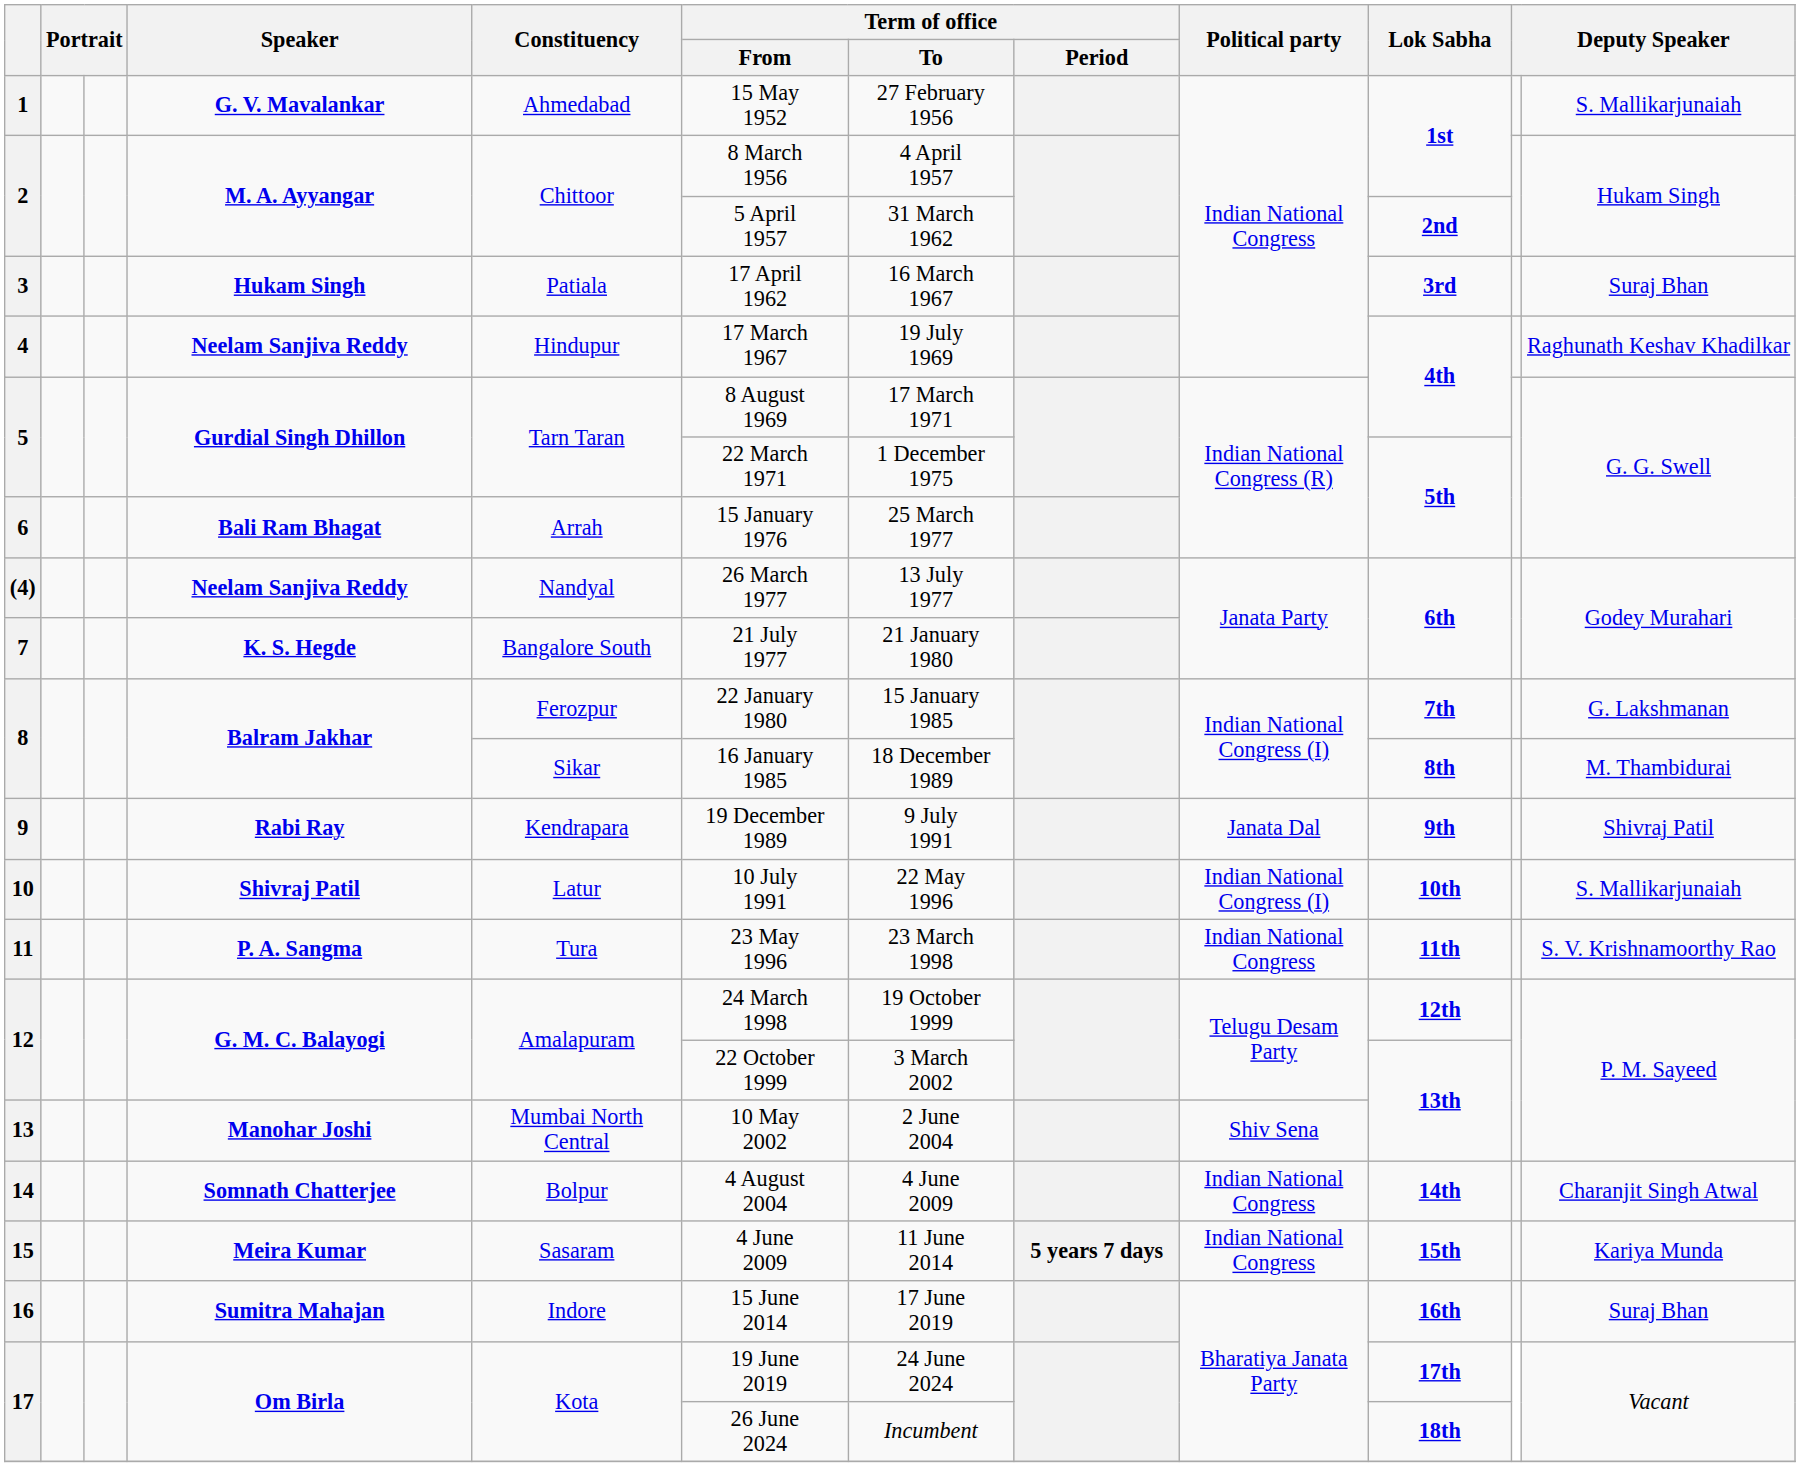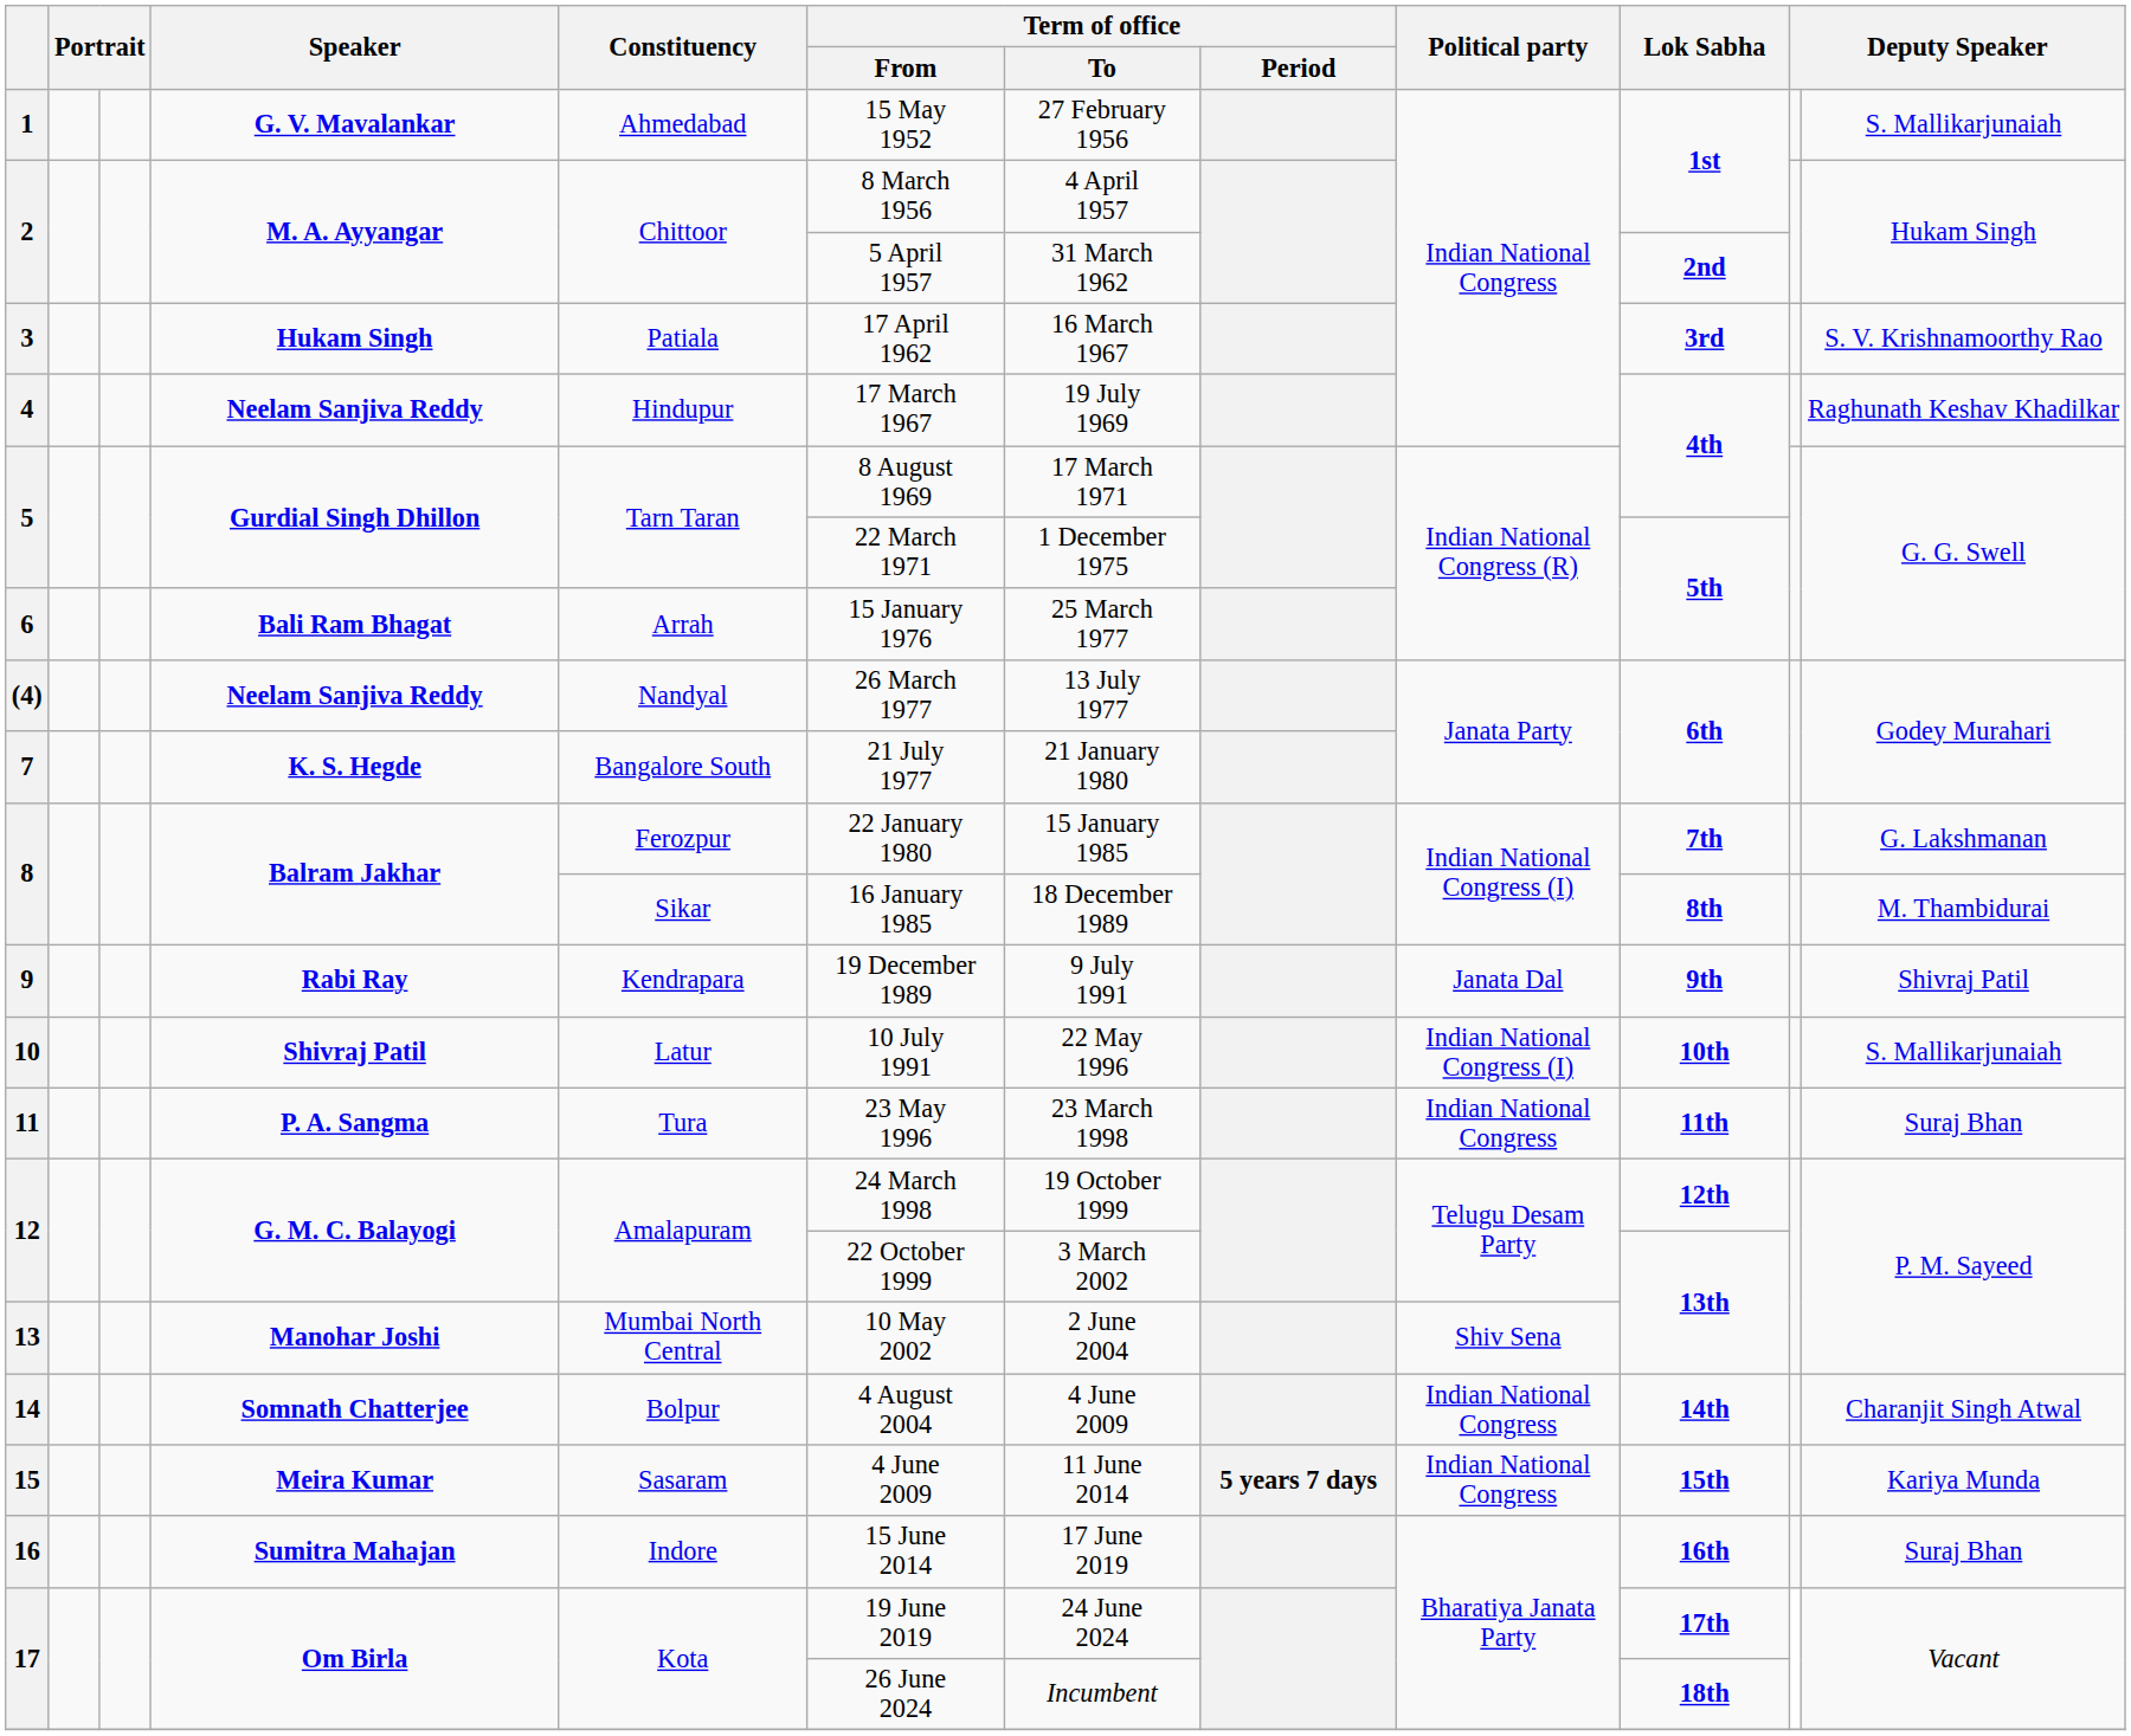 <table class="wikitable" style="text-align:center">
 <tr>
 <th rowspan="2"></th>
 <th colspan="2" rowspan="2">Portrait</th>
 <th rowspan="2" style="width:15em">Speaker<br></th>
 <th rowspan="2" style="width:9em">Constituency</th>
 <th colspan="3">Term of office</th>
 <th rowspan="2" style="width:8em">Political party</th>
 <th rowspan="2" style="width:6em">Lok Sabha</th>
 <th colspan="2" rowspan="2">Deputy Speaker</th>
 </tr>
 <tr>
 <th style="width:7em">From</th>
 <th style="width:7em">To</th>
 <th style="width:7em">Period</th>
 </tr>
 <tr>
 <th>1</th>
 <td></td>
 <td></td>
 <td><strong><a href='#'>G. V. Mavalankar</a></strong><br></td>
 <td><a href='#'>Ahmedabad</a></td>
 <td>15 May<br>1952</td>
 <td>27 February<br>1956</td>
 <th></th>
 <td rowspan="5"><a href='#'>Indian National Congress</a></td>
 <td rowspan="2"><a href='#'><strong>1st</strong></a><br></td>
 <td></td>
 <td><a href='#'>S. Mallikarjunaiah</a></td>
 </tr>
 <tr>
 <th rowspan="2">2</th>
 <td rowspan="2"></td>
 <td rowspan="2"></td>
 <td rowspan="2"><strong><a href='#'>M. A. Ayyangar</a></strong><br></td>
 <td rowspan="2"><a href='#'>Chittoor</a></td>
 <td>8 March<br>1956</td>
 <td>4 April<br>1957</td>
 <th rowspan="2"></th>
 <td rowspan="2"></td>
 <td rowspan="2"><a href='#'>Hukam Singh</a></td>
 </tr>
 <tr>
 <td>5 April<br>1957</td>
 <td>31 March<br>1962</td>
 <td><a href='#'><strong>2nd</strong></a><br></td>
 </tr>
 <tr>
 <th>3</th>
 <td></td>
 <td></td>
 <td><strong><a href='#'>Hukam Singh</a></strong><br></td>
 <td><a href='#'>Patiala</a></td>
 <td>17 April<br>1962</td>
 <td>16 March<br>1967</td>
 <th></th>
 <td><a href='#'><strong>3rd</strong></a><br></td>
 <td></td>
-<td><a href='#'>Suraj Bhan</a></td>
+<td><a href='#'>S. V. Krishnamoorthy Rao</a></td>
 </tr>
 <tr>
 <th>4</th>
 <td></td>
 <td></td>
 <td><strong><a href='#'>Neelam Sanjiva Reddy</a></strong><br></td>
 <td><a href='#'>Hindupur</a></td>
 <td>17 March<br>1967</td>
 <td>19 July<br>1969</td>
 <th></th>
 <td rowspan="3"><a href='#'><strong>4th</strong></a><br></td>
 <td rowspan="2"></td>
 <td rowspan="2"><a href='#'>Raghunath Keshav Khadilkar</a></td>
 </tr>
 <tr>
 <th rowspan="3">5</th>
 <td rowspan="3"></td>
 <td rowspan="3"></td>
 <td rowspan="3"><strong><a href='#'>Gurdial Singh Dhillon</a></strong><br></td>
 <td rowspan="3"><a href='#'>Tarn Taran</a></td>
 <td rowspan="2">8 August<br>1969</td>
 <td rowspan="2">17 March<br>1971</td>
 <th rowspan="3"></th>
 <td rowspan="4"><a href='#'>Indian National Congress (R)</a></td>
 </tr>
 <tr>
 <td rowspan="3"></td>
 <td rowspan="3"><a href='#'>G. G. Swell</a></td>
 </tr>
 <tr>
 <td>22 March<br>1971</td>
 <td>1 December<br>1975</td>
 <td rowspan="2"><a href='#'><strong>5th</strong></a><br></td>
 </tr>
 <tr>
 <th>6</th>
 <td></td>
 <td></td>
 <td><strong><a href='#'>Bali Ram Bhagat</a></strong><br></td>
 <td><a href='#'>Arrah</a></td>
 <td>15 January<br>1976</td>
 <td>25 March<br>1977</td>
 <th></th>
 </tr>
 <tr>
 <th>(4)</th>
 <td style="background:"></td>
 <td></td>
 <td><strong><a href='#'>Neelam Sanjiva Reddy</a></strong><br></td>
 <td><a href='#'>Nandyal</a></td>
 <td>26 March<br>1977</td>
 <td>13 July<br>1977</td>
 <th></th>
 <td rowspan="2"><a href='#'>Janata Party</a></td>
 <td rowspan="2"><a href='#'><strong>6th</strong></a><br></td>
 <td rowspan="2"></td>
 <td rowspan="2"><a href='#'>Godey Murahari</a></td>
 </tr>
 <tr>
 <th>7</th>
 <td style="background:"></td>
 <td></td>
 <td><strong><a href='#'>K. S. Hegde</a></strong><br></td>
 <td><a href='#'>Bangalore South</a></td>
 <td>21 July<br>1977</td>
 <td>21 January<br>1980</td>
 <th></th>
 </tr>
 <tr>
 <th rowspan="2">8</th>
 <td rowspan="2"></td>
 <td rowspan="2"></td>
 <td rowspan="2"><strong><a href='#'>Balram Jakhar</a></strong><br></td>
 <td><a href='#'>Ferozpur</a></td>
 <td>22 January<br>1980</td>
 <td>15 January<br>1985</td>
 <th rowspan="2"></th>
 <td rowspan="2"><a href='#'>Indian National Congress (I)</a></td>
 <td><a href='#'><strong>7th</strong></a><br></td>
 <td></td>
 <td><a href='#'>G. Lakshmanan</a></td>
 </tr>
 <tr>
 <td><a href='#'>Sikar</a></td>
 <td>16 January<br>1985</td>
 <td>18 December<br>1989</td>
 <td><a href='#'><strong>8th</strong></a><br></td>
 <td></td>
 <td><a href='#'>M. Thambidurai</a></td>
 </tr>
 <tr |>
 <th>9</th>
 <td style="background:"></td>
 <td></td>
 <td><strong><a href='#'>Rabi Ray</a></strong><br></td>
 <td><a href='#'>Kendrapara</a></td>
 <td>19 December<br>1989</td>
 <td>9 July<br>1991</td>
 <th></th>
 <td><a href='#'>Janata Dal</a></td>
 <td><a href='#'><strong>9th</strong></a><br></td>
 <td></td>
 <td><a href='#'>Shivraj Patil</a></td>
 </tr>
 <tr>
 <th>10</th>
 <td></td>
 <td></td>
 <td><strong><a href='#'>Shivraj Patil</a></strong><br></td>
 <td><a href='#'>Latur</a></td>
 <td>10 July<br>1991</td>
 <td>22 May<br>1996</td>
 <th></th>
 <td><a href='#'>Indian National Congress (I)</a></td>
 <td><a href='#'><strong>10th</strong></a><br></td>
 <td></td>
 <td><a href='#'>S. Mallikarjunaiah</a></td>
 </tr>
 <tr>
 <th>11</th>
 <td></td>
 <td></td>
 <td><strong><a href='#'>P. A. Sangma</a></strong><br></td>
 <td><a href='#'>Tura</a></td>
 <td>23 May<br>1996</td>
 <td>23 March<br>1998</td>
 <th></th>
 <td><a href='#'>Indian National Congress</a></td>
 <td><a href='#'><strong>11th</strong></a><br></td>
 <td></td>
-<td><a href='#'>S. V. Krishnamoorthy Rao</a></td>
+<td><a href='#'>Suraj Bhan</a></td>
 </tr>
 <tr>
 <th rowspan="2">12</th>
 <td rowspan="2"></td>
 <td rowspan="2"></td>
 <td rowspan="2"><strong><a href='#'>G. M. C. Balayogi</a></strong><br></td>
 <td rowspan="2"><a href='#'>Amalapuram</a></td>
 <td>24 March<br>1998</td>
 <td>19 October<br>1999</td>
 <th rowspan="2"></th>
 <td rowspan="2"><a href='#'>Telugu Desam Party</a></td>
 <td><a href='#'><strong>12th</strong></a><br></td>
 <td rowspan="3"></td>
 <td rowspan="3"><a href='#'>P. M. Sayeed</a></td>
 </tr>
 <tr>
 <td>22 October<br>1999</td>
 <td>3 March<br>2002</td>
 <td rowspan="2"><a href='#'><strong>13th</strong></a><br></td>
 </tr>
 <tr>
 <th>13</th>
 <td></td>
 <td></td>
 <td><strong><a href='#'>Manohar Joshi</a></strong><br></td>
 <td><a href='#'>Mumbai North Central</a></td>
 <td>10 May<br>2002</td>
 <td>2 June<br>2004</td>
 <th></th>
 <td><a href='#'>Shiv Sena</a></td>
 </tr>
 <tr>
 <th>14</th>
 <td style="background:"></td>
 <td></td>
 <td><strong><a href='#'>Somnath Chatterjee</a></strong><br></td>
 <td><a href='#'>Bolpur</a></td>
 <td>4 August<br>2004</td>
 <td>4 June<br>2009</td>
 <th></th>
 <td><a href='#'>Indian National Congress</a></td>
 <td><a href='#'><strong>14th</strong></a><br></td>
 <td></td>
 <td><a href='#'>Charanjit Singh Atwal</a></td>
 </tr>
 <tr>
 <th>15</th>
 <td></td>
 <td></td>
 <td><strong><a href='#'>Meira Kumar</a></strong><br></td>
 <td><a href='#'>Sasaram</a></td>
 <td>4 June<br>2009</td>
 <td>11 June<br>2014</td>
 <th><strong>5 years 7 days</strong></th>
 <td><a href='#'>Indian National Congress</a></td>
 <td><a href='#'><strong>15th</strong></a><br></td>
 <td></td>
 <td><a href='#'>Kariya Munda</a></td>
 </tr>
 <tr>
 <th>16</th>
 <td></td>
 <td></td>
 <td><strong><a href='#'>Sumitra Mahajan</a></strong><br></td>
 <td><a href='#'>Indore</a></td>
 <td>15 June<br>2014</td>
 <td>17 June<br>2019</td>
 <th></th>
 <td rowspan="3"><a href='#'>Bharatiya Janata Party</a></td>
 <td><a href='#'><strong>16th</strong></a><br></td>
 <td></td>
 <td><a href='#'>Suraj Bhan</a></td>
 </tr>
 <tr>
 <th rowspan =2>17</th>
 <td rowspan="2"></td>
 <td rowspan=2></td>
 <td rowspan=2><strong><a href='#'>Om Birla</a></strong><br></td>
 <td rowspan=2><a href='#'>Kota</a></td>
 <td>19 June<br>2019</td>
 <td>24 June<br>2024</td>
 <th rowspan=2></th>
 <td><a href='#'><strong>17th</strong></a><br></td>
 <td rowspan="2"bgcolor="white"></td>
 <td rowspan="2"><em>Vacant</em></td>
 </tr>
 <tr>
 <td>26 June<br>2024</td>
 <td><em>Incumbent</em></td>
 <td><a href='#'><strong>18th</strong></a><br></td>
 </tr>
 <tr>
 </tr>
 </table>
